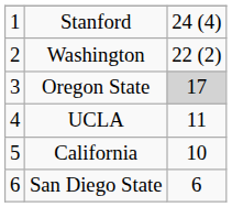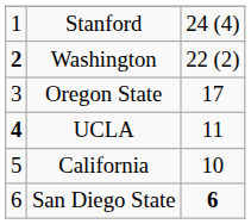 <table class="wikitable" style="display: inline-table;">
 <tr align="center">
 </tr>
 <tr align="center">
 <td>1</td>
 <td>Stanford</td>
 <td>24 (4)</td>
 </tr>
 <tr align="center">
-<td>2</td>
+<td><strong>2</strong></td>
 <td>Washington</td>
 <td>22 (2)</td>
 </tr>
 <tr align="center">
 <td>3</td>
 <td>Oregon State</td>
-<td style="background: lightgrey;">17</td>
+<td>17</td>
 </tr>
 <tr align="center">
-<td>4</td>
+<td><strong>4</strong></td>
 <td>UCLA</td>
 <td>11</td>
 </tr>
 <tr align="center">
 <td>5</td>
 <td>California</td>
 <td>10</td>
 </tr>
 <tr align="center">
 <td>6</td>
 <td>San Diego State</td>
-<td>6</td>
+<td><strong>6</strong></td>
 </tr>
 </table>
